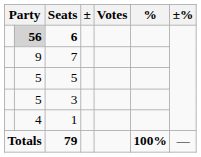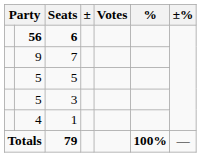 <table class=wikitable>
 <tr>
 <th colspan=2 align=center>Party</th>
 <th valign=top>Seats</th>
 <th valign=top>±</th>
 <th valign=top>Votes</th>
 <th valign=top>%</th>
 <th valign=top>±%</th>
 </tr>
 <tr>
 <td></td>
-<td align=right style="background: lightgrey;"><strong>56</strong></td>
+<td align=right><strong>56</strong></td>
 <td align=right><strong>6</strong></td>
 <td align=right></td>
 <td align=right></td>
 <td align=right></td>
 </tr>
 <tr>
 <td></td>
 <td align=right>9</td>
 <td align=right>7</td>
 <td align=right></td>
 <td align=right></td>
 <td align=right></td>
 </tr>
 <tr>
 <td></td>
 <td align=right>5</td>
 <td align=right>5</td>
 <td align=right></td>
 <td align=right></td>
 <td align=right></td>
 </tr>
 <tr>
 <td></td>
 <td align=right>5</td>
 <td align=right>3</td>
 <td align=right></td>
 <td align=right></td>
 <td align=right></td>
 </tr>
 <tr>
 <td></td>
 <td align=right>4</td>
 <td align=right>1</td>
 <td align=right></td>
 <td align=right></td>
 <td align=right></td>
 </tr>
 <tr>
 <td colspan=2 align=center><strong>Totals</strong></td>
 <td align=right><strong>79</strong></td>
 <td align=center></td>
 <td align=right></td>
 <td align=center><strong>100%</strong></td>
 <td align=center>—</td>
 </tr>
 </table>
